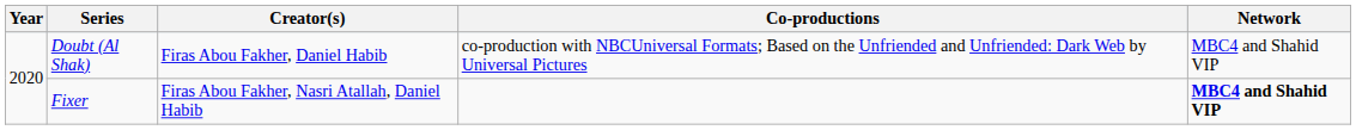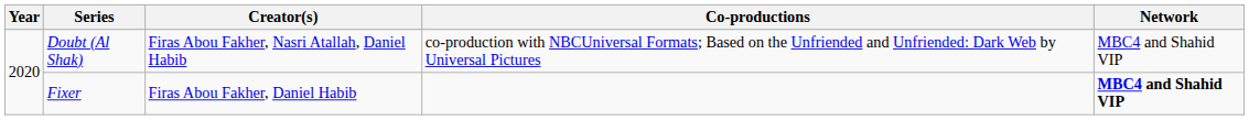 <table class="wikitable" style="width:100%;">
 <tr style="background:#b0c4de; text-align:center;">
 <th>Year</th>
 <th>Series</th>
 <th>Creator(s)</th>
 <th>Co-productions</th>
 <th>Network</th>
 </tr>
 <tr>
 <td rowspan="2" style="text-align:center;">2020</td>
 <td><em><a href='#'>Doubt (Al Shak)</a></em></td>
-<td><a href='#'>Firas Abou Fakher</a>, <a href='#'>Daniel Habib</a></td>
+<td><a href='#'>Firas Abou Fakher</a>, <a href='#'>Nasri Atallah</a>, <a href='#'>Daniel Habib</a></td>
 <td>co-production with <a href='#'>NBCUniversal Formats</a>; Based on the <a href='#'>Unfriended</a> and <a href='#'>Unfriended: Dark Web</a> by <a href='#'>Universal Pictures</a></td>
 <td><a href='#'>MBC4</a> and Shahid VIP</td>
 </tr>
 <tr>
 <td><em><a href='#'>Fixer</a></em></td>
-<td><a href='#'>Firas Abou Fakher</a>, <a href='#'>Nasri Atallah</a>, <a href='#'>Daniel Habib</a></td>
+<td><a href='#'>Firas Abou Fakher</a>, <a href='#'>Daniel Habib</a></td>
 <td></td>
 <td><strong><a href='#'>MBC4</a> and Shahid VIP</strong></td>
 </tr>
 </table>
